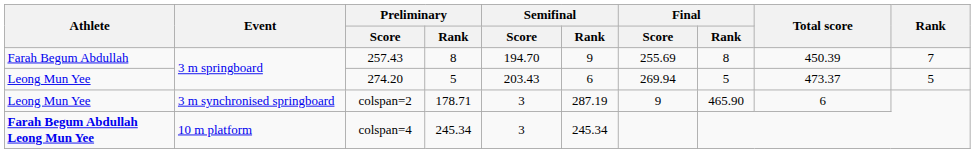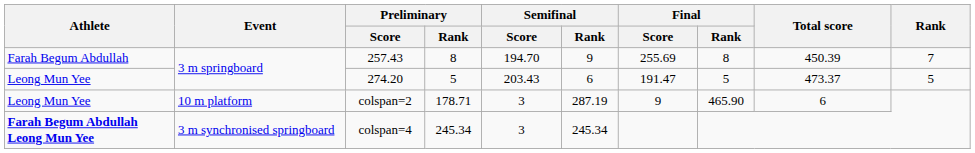 <table class="wikitable" width="85%" style="text-align:center; font-size:90%;">
 <tr>
 <th rowspan="2" width="15%">Athlete</th>
 <th rowspan="2" width="15%">Event</th>
 <th colspan="2" width="12%">Preliminary</th>
 <th colspan="2" width="12%">Semifinal</th>
 <th colspan="2" width="12%">Final</th>
 <th rowspan="2" width="12%">Total score</th>
 <th rowspan="2" width="7%">Rank</th>
 </tr>
 <tr>
 <th width="7%">Score</th>
 <th>Rank</th>
 <th width="7%">Score</th>
 <th>Rank</th>
 <th width="7%">Score</th>
 <th>Rank</th>
 </tr>
 <tr>
 <td align=left><a href='#'>Farah Begum Abdullah</a></td>
 <td align=left rowspan=2><a href='#'>3 m springboard</a></td>
 <td>257.43</td>
 <td>8 <strong></strong></td>
 <td>194.70</td>
 <td>9 <strong></strong></td>
 <td>255.69</td>
 <td>8</td>
 <td>450.39</td>
 <td>7</td>
 </tr>
 <tr>
 <td align=left><a href='#'>Leong Mun Yee</a></td>
 <td>274.20</td>
 <td>5 <strong></strong></td>
 <td>203.43</td>
 <td>6 <strong></strong></td>
-<td>269.94</td>
+<td>191.47</td>
 <td>5</td>
 <td>473.37</td>
 <td>5</td>
 </tr>
 <tr>
 <td align=left><a href='#'>Leong Mun Yee</a></td>
-<td align=left><a href='#'>3 m synchronised springboard</a></td>
+<td align=left><a href='#'>10 m platform</a></td>
 <td>colspan=2 </td>
 <td>178.71</td>
 <td>3 <strong></strong></td>
 <td>287.19</td>
 <td>9</td>
 <td>465.90</td>
 <td>6</td>
 </tr>
 <tr>
 <td align=left><strong><a href='#'>Farah Begum Abdullah</a><br><a href='#'>Leong Mun Yee</a></strong></td>
-<td align=left><a href='#'>10 m platform</a></td>
+<td align=left><a href='#'>3 m synchronised springboard</a></td>
 <td>colspan=4 </td>
 <td>245.34</td>
 <td>3</td>
 <td>245.34</td>
 <td></td>
 </tr>
 </table>
